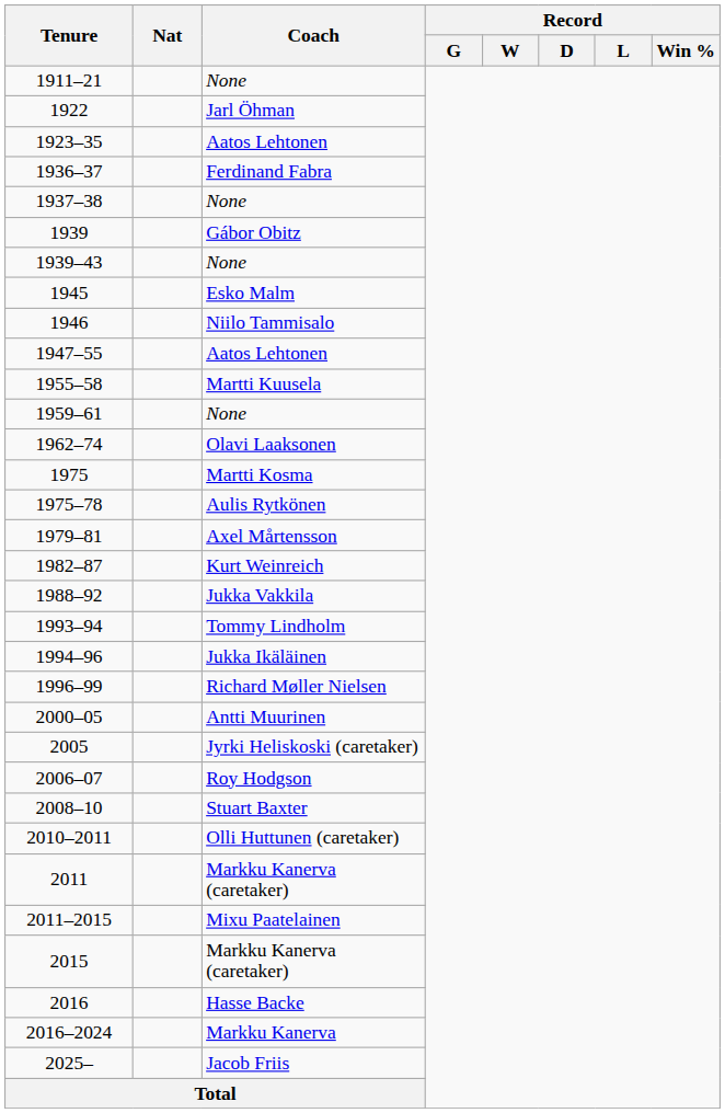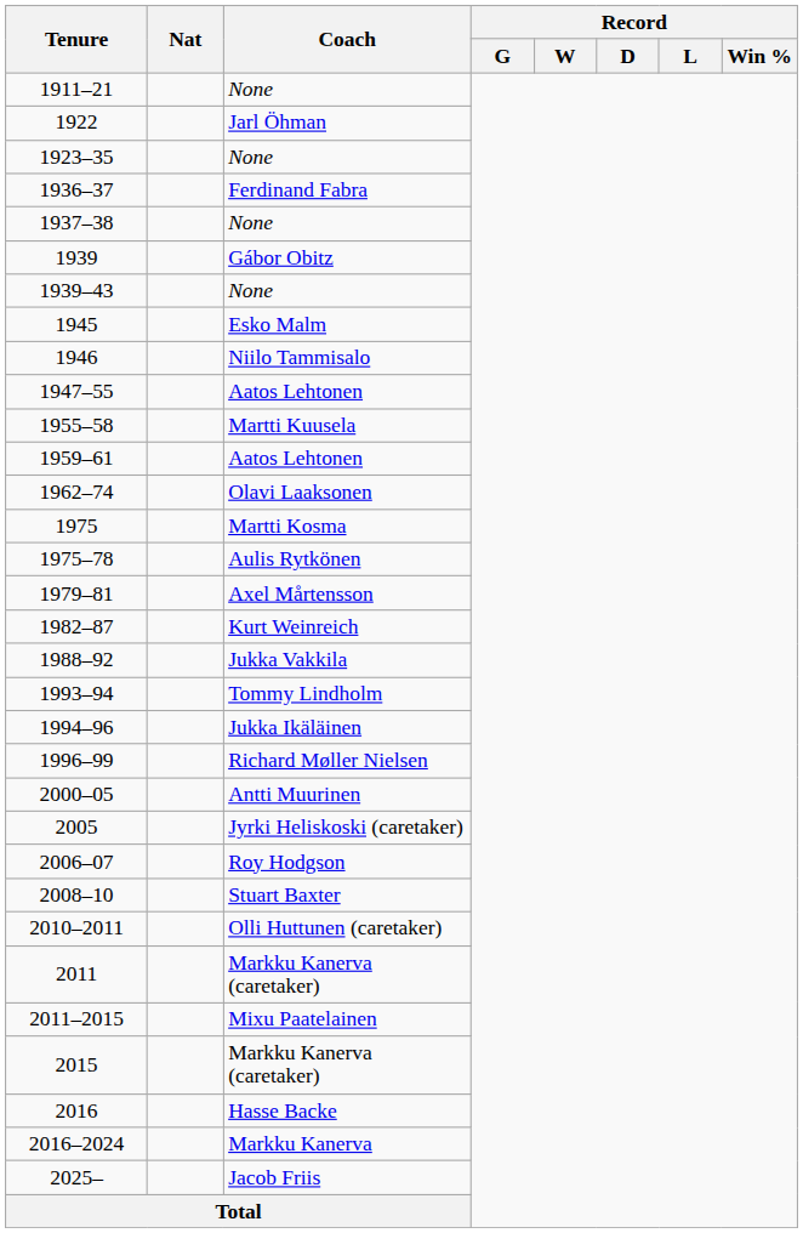 <table class="wikitable collapsible collapsed" style=text-align:center>
 <tr>
 <th rowspan=2! width=100>Tenure</th>
 <th rowspan=2! width=50>Nat</th>
 <th rowspan=2! width=180>Coach</th>
 <th colspan=8>Record</th>
 </tr>
 <tr>
 <th width=40>G</th>
 <th width=40>W</th>
 <th width=40>D</th>
 <th width=40>L</th>
 <th width=50>Win %</th>
 </tr>
 <tr>
 <td>1911–21</td>
 <td></td>
 <td align=left><em>None</em><br></td>
 </tr>
 <tr>
 <td>1922</td>
 <td></td>
 <td align=left><a href='#'>Jarl Öhman</a><br></td>
 </tr>
 <tr>
 <td>1923–35</td>
 <td></td>
-<td align=left><a href='#'>Aatos Lehtonen</a><br></td>
+<td align=left><em>None</em><br></td>
 </tr>
 <tr>
 <td>1936–37</td>
 <td></td>
 <td align=left><a href='#'>Ferdinand Fabra</a><br></td>
 </tr>
 <tr>
 <td>1937–38</td>
 <td></td>
 <td align=left><em>None</em><br></td>
 </tr>
 <tr>
 <td>1939</td>
 <td></td>
 <td align=left><a href='#'>Gábor Obitz</a><br></td>
 </tr>
 <tr>
 <td>1939–43</td>
 <td></td>
 <td align=left><em>None</em><br></td>
 </tr>
 <tr>
 <td>1945</td>
 <td></td>
 <td align=left><a href='#'>Esko Malm</a><br></td>
 </tr>
 <tr>
 <td>1946</td>
 <td></td>
 <td align=left><a href='#'>Niilo Tammisalo</a><br></td>
 </tr>
 <tr>
 <td>1947–55</td>
 <td></td>
 <td align=left><a href='#'>Aatos Lehtonen</a><br></td>
 </tr>
 <tr>
 <td>1955–58</td>
 <td></td>
 <td align=left><a href='#'>Martti Kuusela</a><br></td>
 </tr>
 <tr>
 <td>1959–61</td>
 <td></td>
-<td align=left><em>None</em><br></td>
+<td align=left><a href='#'>Aatos Lehtonen</a><br></td>
 </tr>
 <tr>
 <td>1962–74</td>
 <td></td>
 <td align=left><a href='#'>Olavi Laaksonen</a><br></td>
 </tr>
 <tr>
 <td>1975</td>
 <td></td>
 <td align=left><a href='#'>Martti Kosma</a><br></td>
 </tr>
 <tr>
 <td>1975–78</td>
 <td></td>
 <td align=left><a href='#'>Aulis Rytkönen</a><br></td>
 </tr>
 <tr>
 <td>1979–81</td>
 <td></td>
 <td align=left><a href='#'>Axel Mårtensson</a><br></td>
 </tr>
 <tr>
 <td>1982–87</td>
 <td></td>
 <td align=left><a href='#'>Kurt Weinreich</a><br></td>
 </tr>
 <tr>
 <td>1988–92</td>
 <td></td>
 <td align=left><a href='#'>Jukka Vakkila</a><br></td>
 </tr>
 <tr>
 <td>1993–94</td>
 <td></td>
 <td align=left><a href='#'>Tommy Lindholm</a><br></td>
 </tr>
 <tr>
 <td>1994–96</td>
 <td></td>
 <td align=left><a href='#'>Jukka Ikäläinen</a><br></td>
 </tr>
 <tr>
 <td>1996–99</td>
 <td></td>
 <td align=left><a href='#'>Richard Møller Nielsen</a><br></td>
 </tr>
 <tr>
 <td>2000–05</td>
 <td></td>
 <td align=left><a href='#'>Antti Muurinen</a><br></td>
 </tr>
 <tr>
 <td>2005</td>
 <td></td>
 <td align=left><a href='#'>Jyrki Heliskoski</a> (caretaker)<br></td>
 </tr>
 <tr>
 <td>2006–07</td>
 <td></td>
 <td align=left><a href='#'>Roy Hodgson</a><br></td>
 </tr>
 <tr>
 <td>2008–10</td>
 <td></td>
 <td align=left><a href='#'>Stuart Baxter</a><br></td>
 </tr>
 <tr>
 <td>2010–2011</td>
 <td></td>
 <td align=left><a href='#'>Olli Huttunen</a> (caretaker)<br></td>
 </tr>
 <tr>
 <td>2011</td>
 <td></td>
 <td align=left><a href='#'>Markku Kanerva</a> (caretaker)<br></td>
 </tr>
 <tr>
 <td>2011–2015</td>
 <td></td>
 <td align=left><a href='#'>Mixu Paatelainen</a><br></td>
 </tr>
 <tr>
 <td>2015</td>
 <td></td>
 <td align=left>Markku Kanerva (caretaker)<br></td>
 </tr>
 <tr>
 <td>2016</td>
 <td></td>
 <td align=left><a href='#'>Hasse Backe</a><br></td>
 </tr>
 <tr>
 <td>2016–2024</td>
 <td></td>
 <td align=left><a href='#'>Markku Kanerva</a><br></td>
 </tr>
 <tr>
 <td>2025–</td>
 <td></td>
 <td align=left><a href='#'>Jacob Friis</a><br></td>
 </tr>
 <tr>
 <th colspan=3>Total<br></th>
 </tr>
 </table>
